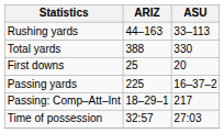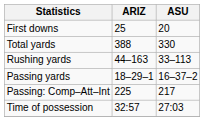 <table class="wikitable" style="float: left;">
 <tr>
 <th>Statistics</th>
 <th>ARIZ</th>
 <th>ASU</th>
 </tr>
 <tr>
-<td>Rushing yards</td>
-<td>44–163</td>
-<td>33–113</td>
+<td>First downs</td>
+<td>25</td>
+<td>20</td>
 </tr>
 <tr>
 <td>Total yards</td>
 <td>388</td>
 <td>330</td>
 </tr>
 <tr>
-<td>First downs</td>
-<td>25</td>
-<td>20</td>
+<td>Rushing yards</td>
+<td>44–163</td>
+<td>33–113</td>
 </tr>
 <tr>
 <td>Passing yards</td>
-<td>225</td>
+<td>18–29–1</td>
 <td>16–37–2</td>
 </tr>
 <tr>
 <td>Passing: Comp–Att–Int</td>
-<td>18–29–1</td>
+<td>225</td>
 <td>217</td>
 </tr>
 <tr>
 <td>Time of possession</td>
 <td>32:57</td>
 <td>27:03</td>
 </tr>
 <tr>
 </tr>
 </table>
